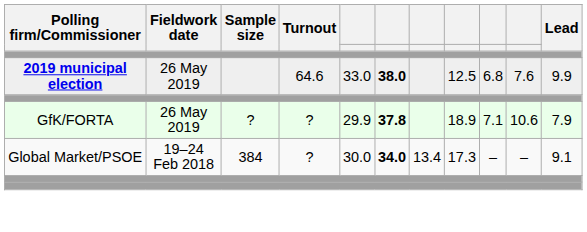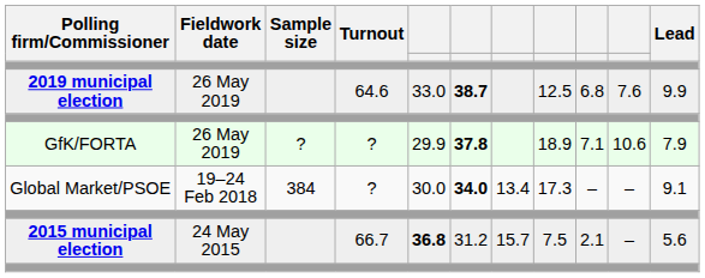 <table class="wikitable collapsible collapsed" style="text-align:center; font-size:95%; line-height:16px;">
 <tr style="height:42px;">
 <th style="width:250px;" rowspan="2">Polling firm/Commissioner</th>
 <th style="width:125px;" rowspan="2">Fieldwork date</th>
 <th style="width:50px;" rowspan="2">Sample size</th>
 <th style="width:45px;" rowspan="2">Turnout</th>
 <th style="width:35px;"></th>
 <th style="width:35px;"></th>
 <th style="width:35px;"></th>
 <th style="width:35px;"></th>
 <th style="width:35px;"></th>
 <th style="width:35px;"></th>
 <th style="width:30px;" rowspan="2">Lead</th>
 </tr>
 <tr>
 <th style="color:inherit;background:"></th>
 <th style="color:inherit;background:"></th>
 <th style="color:inherit;background:"></th>
 <th style="color:inherit;background:"></th>
 <th style="color:inherit;background:"></th>
 <th style="color:inherit;background:"></th>
 </tr>
 <tr>
 <td colspan="11" style="background:#A0A0A0"></td>
 </tr>
 <tr style="background:#EFEFEF;">
 <td><strong><a href='#'>2019 municipal election</a></strong></td>
 <td>26 May 2019</td>
 <td></td>
 <td>64.6</td>
 <td>33.0<br></td>
-<td><strong>38.0</strong><br></td>
+<td><strong>38.7</strong><br></td>
 <td></td>
 <td>12.5<br></td>
 <td>6.8<br></td>
 <td>7.6<br></td>
 <td style="background:">9.9</td>
 </tr>
 <tr>
 <td colspan="11" style="background:#A0A0A0"></td>
 </tr>
 <tr style="background:#EAFFEA;">
 <td>GfK/FORTA</td>
 <td>26 May 2019</td>
 <td>?</td>
 <td>?</td>
 <td>29.9<br></td>
 <td><strong>37.8</strong><br></td>
 <td></td>
 <td>18.9<br></td>
 <td>7.1<br></td>
 <td>10.6<br></td>
 <td style="background:">7.9</td>
 </tr>
 <tr>
 <td>Global Market/PSOE</td>
 <td>19–24 Feb 2018</td>
 <td>384</td>
 <td>?</td>
 <td>30.0<br></td>
 <td><strong>34.0</strong><br></td>
 <td>13.4<br></td>
 <td>17.3<br></td>
 <td>–</td>
 <td>–</td>
 <td style="background:">9.1</td>
 </tr>
 <tr>
 <td colspan="11" style="background:#A0A0A0"></td>
 </tr>
+<tr style="background:#EFEFEF;">
+<td><strong><a href='#'>2015 municipal election</a></strong></td>
+<td>24 May 2015</td>
+<td></td>
+<td>66.7</td>
+<td><strong>36.8</strong><br></td>
+<td>31.2<br></td>
+<td>15.7<br></td>
+<td>7.5<br></td>
+<td>2.1<br></td>
+<td>–</td>
+<td style="background:">5.6</td>
+</tr>
 <tr>
 <td colspan="11" style="background:#A0A0A0"></td>
 </tr>
 </table>
